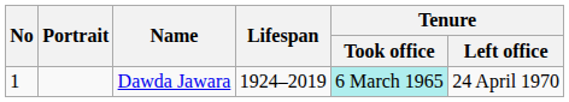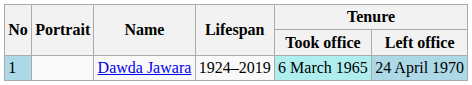 <table class="wikitable">
 <tr>
 <th scope="col" rowspan="2">No</th>
 <th scope="col" rowspan="2">Portrait</th>
 <th scope="col" rowspan="2">Name</th>
 <th scope="col" rowspan="2">Lifespan</th>
 <th scope="col" colspan="2">Tenure</th>
 </tr>
 <tr>
 <th scope="col">Took office</th>
 <th scope="col">Left office</th>
 </tr>
 <tr>
-<td>1</td>
+<td style="background: lightblue;">1</td>
 <td></td>
 <td><a href='#'>Dawda Jawara</a></td>
 <td>1924–2019</td>
 <td style="background: paleturquoise;">6 March 1965</td>
-<td>24 April 1970</td>
+<td style="background: lightblue;">24 April 1970</td>
 </tr>
 <tr>
 </tr>
 </table>
